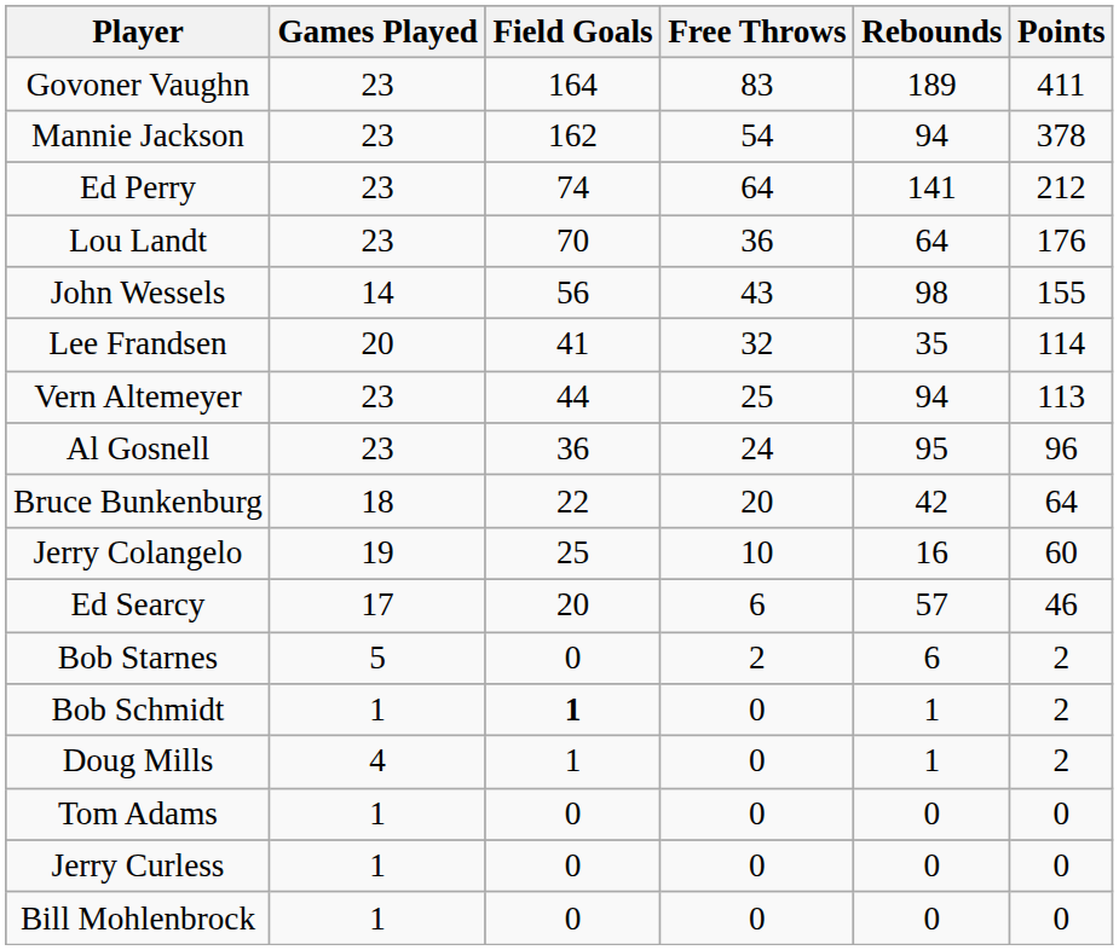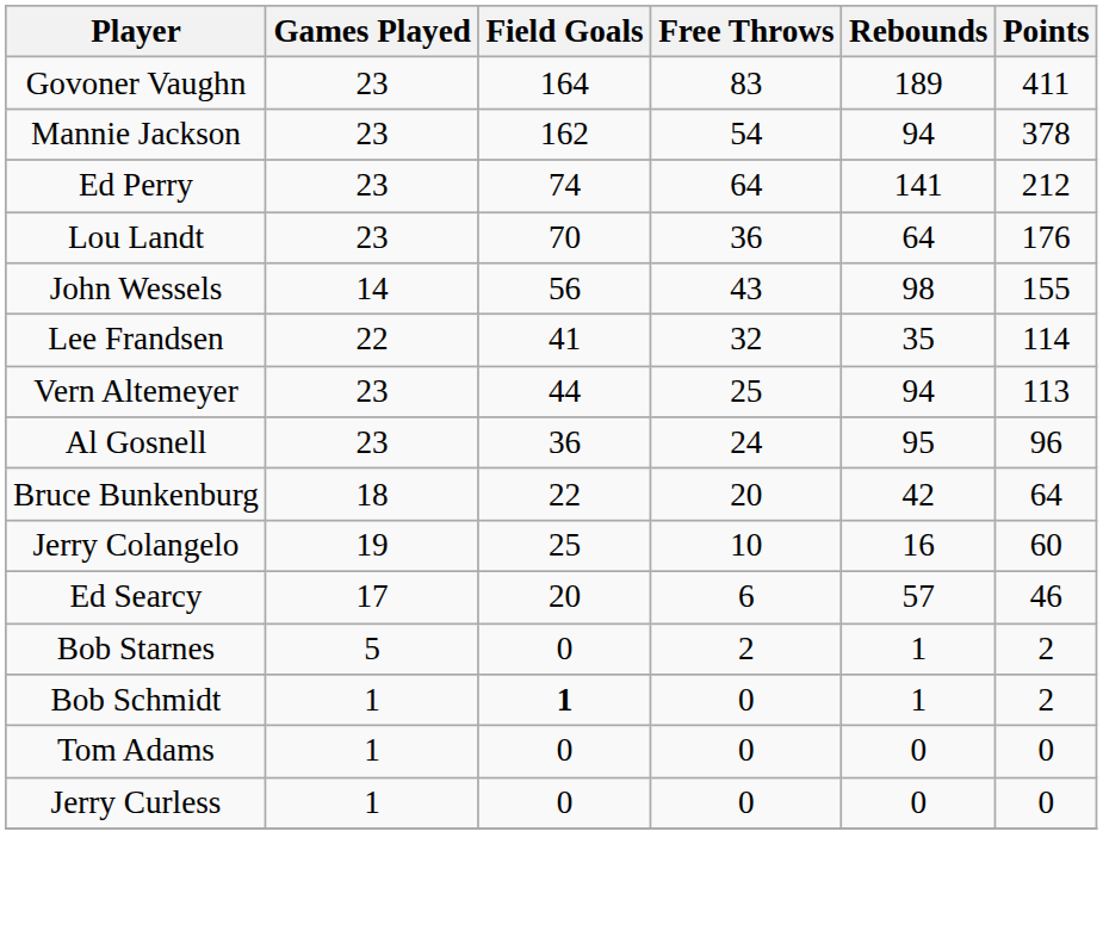 <table class="wikitable sortable">
 <tr>
 <th>Player</th>
 <th>Games Played</th>
 <th>Field Goals</th>
 <th>Free Throws</th>
 <th>Rebounds</th>
 <th>Points</th>
 </tr>
 <tr align="center" bgcolor="">
 <td>Govoner Vaughn</td>
 <td>23</td>
 <td>164</td>
 <td>83</td>
 <td>189</td>
 <td>411</td>
 </tr>
 <tr align="center" bgcolor="">
 <td>Mannie Jackson</td>
 <td>23</td>
 <td>162</td>
 <td>54</td>
 <td>94</td>
 <td>378</td>
 </tr>
 <tr align="center" bgcolor="">
 <td>Ed Perry</td>
 <td>23</td>
 <td>74</td>
 <td>64</td>
 <td>141</td>
 <td>212</td>
 </tr>
 <tr align="center" bgcolor="">
 <td>Lou Landt</td>
 <td>23</td>
 <td>70</td>
 <td>36</td>
 <td>64</td>
 <td>176</td>
 </tr>
 <tr align="center" bgcolor="">
 <td>John Wessels</td>
 <td>14</td>
 <td>56</td>
 <td>43</td>
 <td>98</td>
 <td>155</td>
 </tr>
 <tr align="center" bgcolor="">
 <td>Lee Frandsen</td>
-<td>20</td>
+<td>22</td>
 <td>41</td>
 <td>32</td>
 <td>35</td>
 <td>114</td>
 </tr>
 <tr align="center" bgcolor="">
 <td>Vern Altemeyer</td>
 <td>23</td>
 <td>44</td>
 <td>25</td>
 <td>94</td>
 <td>113</td>
 </tr>
 <tr align="center" bgcolor="">
 <td>Al Gosnell</td>
 <td>23</td>
 <td>36</td>
 <td>24</td>
 <td>95</td>
 <td>96</td>
 </tr>
 <tr align="center" bgcolor="">
 <td>Bruce Bunkenburg</td>
 <td>18</td>
 <td>22</td>
 <td>20</td>
 <td>42</td>
 <td>64</td>
 </tr>
 <tr align="center" bgcolor="">
 <td>Jerry Colangelo</td>
 <td>19</td>
 <td>25</td>
 <td>10</td>
 <td>16</td>
 <td>60</td>
 </tr>
 <tr align="center" bgcolor="">
 <td>Ed Searcy</td>
 <td>17</td>
 <td>20</td>
 <td>6</td>
 <td>57</td>
 <td>46</td>
 </tr>
 <tr align="center" bgcolor="">
 <td>Bob Starnes</td>
 <td>5</td>
 <td>0</td>
 <td>2</td>
-<td>6</td>
+<td>1</td>
 <td>2</td>
 </tr>
 <tr align="center" bgcolor="">
 <td>Bob Schmidt</td>
 <td>1</td>
 <td><strong>1</strong></td>
-<td>0</td>
-<td>1</td>
-<td>2</td>
-</tr>
-<tr align="center" bgcolor="">
-<td>Doug Mills</td>
-<td>4</td>
-<td>1</td>
 <td>0</td>
 <td>1</td>
 <td>2</td>
 </tr>
 <tr align="center" bgcolor="">
 <td>Tom Adams</td>
 <td>1</td>
 <td>0</td>
 <td>0</td>
 <td>0</td>
 <td>0</td>
 </tr>
 <tr align="center" bgcolor="">
 <td>Jerry Curless</td>
 <td>1</td>
 <td>0</td>
 <td>0</td>
 <td>0</td>
 <td>0</td>
 </tr>
 <tr align="center">
-<td>Bill Mohlenbrock</td>
-<td>1</td>
-<td>0</td>
-<td>0</td>
-<td>0</td>
-<td>0</td>
-</tr>
-<tr align="center">
 </tr>
 </table>
